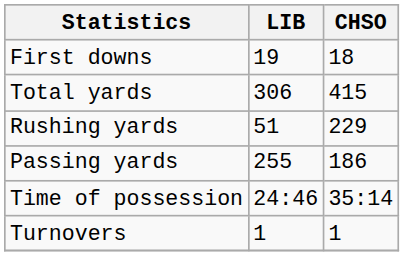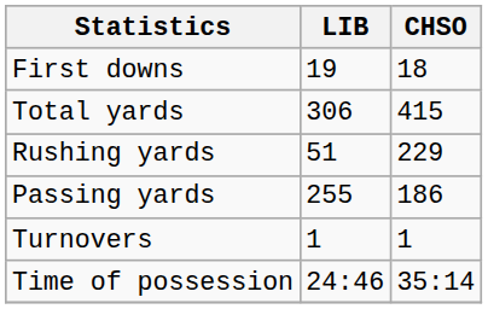 <table class="wikitable">
 <tr>
 <th>Statistics</th>
 <th>LIB</th>
 <th>CHSO</th>
 </tr>
 <tr>
 <td>First downs</td>
 <td>19</td>
 <td>18</td>
 </tr>
 <tr>
 <td>Total yards</td>
 <td>306</td>
 <td>415</td>
 </tr>
 <tr>
 <td>Rushing yards</td>
 <td>51</td>
 <td>229</td>
 </tr>
 <tr>
 <td>Passing yards</td>
 <td>255</td>
 <td>186</td>
 </tr>
 <tr>
+<td>Turnovers</td>
+<td>1</td>
+<td>1</td>
+</tr>
+<tr>
 <td>Time of possession</td>
 <td>24:46</td>
 <td>35:14</td>
 </tr>
 <tr>
-<td>Turnovers</td>
-<td>1</td>
-<td>1</td>
-</tr>
-<tr>
 </tr>
 </table>
